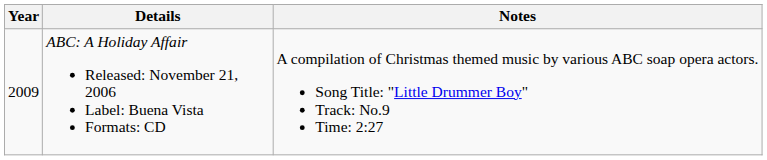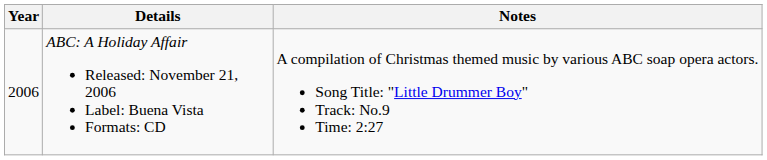 <table class="wikitable">
 <tr>
 <th>Year</th>
 <th style="width:230px;">Details</th>
 <th>Notes</th>
 </tr>
 <tr>
-<td>2009</td>
+<td>2006</td>
 <td><em>ABC: A Holiday Affair</em><br><ul><li>Released: November 21, 2006</li><li>Label: Buena Vista</li><li>Formats: CD</li></ul></td>
 <td><br>A compilation of Christmas themed music by various ABC soap opera actors.<ul><li>Song Title: "<a href='#'>Little Drummer Boy</a>"</li><li>Track: No.9</li><li>Time: 2:27</li></ul></td>
 </tr>
 </table>
